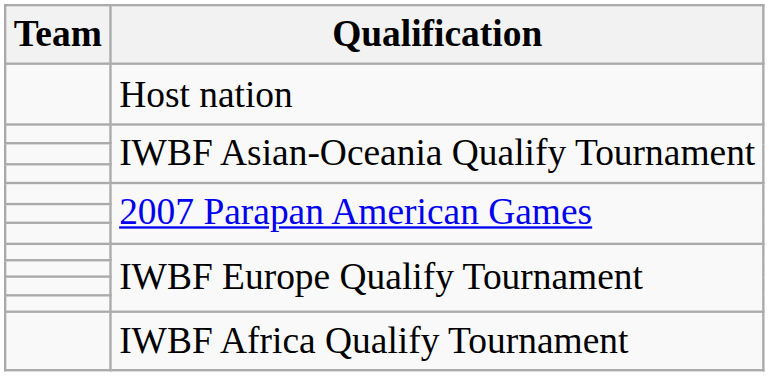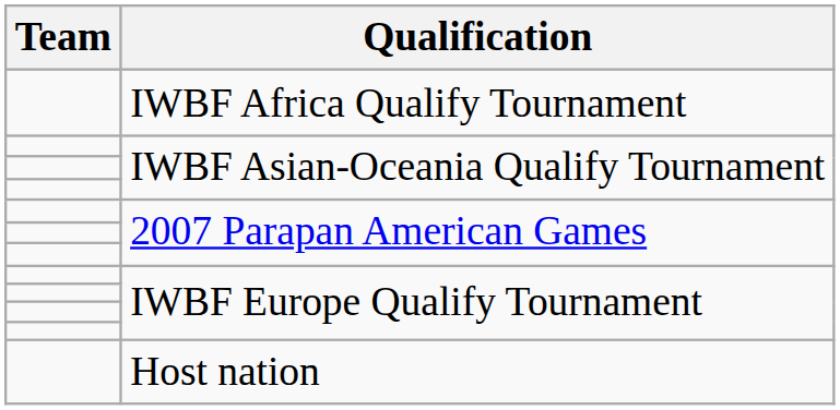 <table class="wikitable">
 <tr>
 <th>Team</th>
 <th>Qualification</th>
 </tr>
 <tr>
 <td></td>
-<td>Host nation</td>
+<td>IWBF Africa Qualify Tournament</td>
 </tr>
 <tr>
 <td></td>
 <td rowspan=3>IWBF Asian-Oceania Qualify Tournament</td>
 </tr>
 <tr>
 <td></td>
 </tr>
 <tr>
 <td></td>
 </tr>
 <tr>
 <td></td>
 <td rowspan=3><a href='#'>2007 Parapan American Games</a></td>
 </tr>
 <tr>
 <td></td>
 </tr>
 <tr>
 <td></td>
 </tr>
 <tr>
 <td></td>
 <td rowspan=4>IWBF Europe Qualify Tournament</td>
 </tr>
 <tr>
 <td></td>
 </tr>
 <tr>
 <td></td>
 </tr>
 <tr>
 <td></td>
 </tr>
 <tr>
 <td></td>
-<td>IWBF Africa Qualify Tournament</td>
+<td>Host nation</td>
 </tr>
 </table>
